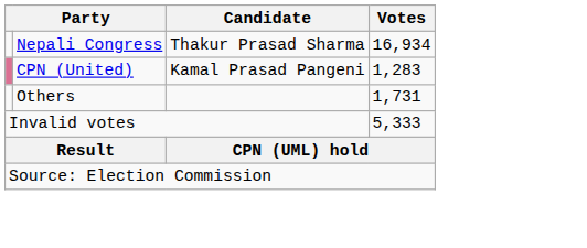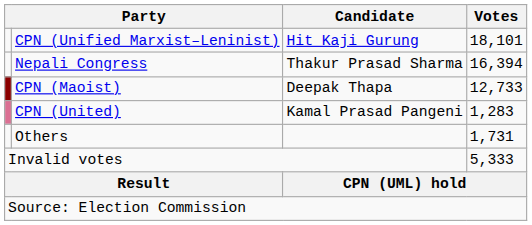 <table class="wikitable">
 <tr>
 <th colspan="2">Party</th>
 <th>Candidate</th>
 <th>Votes</th>
 </tr>
 <tr>
 <td style="background-color:"></td>
+<td><a href='#'>CPN (Unified Marxist–Leninist)</a></td>
+<td><a href='#'>Hit Kaji Gurung</a></td>
+<td>18,101</td>
+</tr>
+<tr>
+<td style="background-color:"></td>
 <td><a href='#'>Nepali Congress</a></td>
 <td>Thakur Prasad Sharma</td>
-<td>16,934</td>
+<td>16,394</td>
+</tr>
+<tr>
+<td style="background-color:darkred"></td>
+<td><a href='#'>CPN (Maoist)</a></td>
+<td>Deepak Thapa</td>
+<td>12,733</td>
 </tr>
 <tr>
 <td style="background-color:palevioletred"></td>
 <td><a href='#'>CPN (United)</a></td>
 <td>Kamal Prasad Pangeni</td>
 <td>1,283</td>
 </tr>
 <tr>
 <td></td>
 <td>Others</td>
 <td></td>
 <td>1,731</td>
 </tr>
 <tr>
 <td colspan="3">Invalid votes</td>
 <td>5,333</td>
 </tr>
 <tr>
 <th colspan="2">Result</th>
 <th colspan="2">CPN (UML) hold</th>
 </tr>
 <tr>
 <td colspan="4">Source: Election Commission</td>
 </tr>
 </table>
